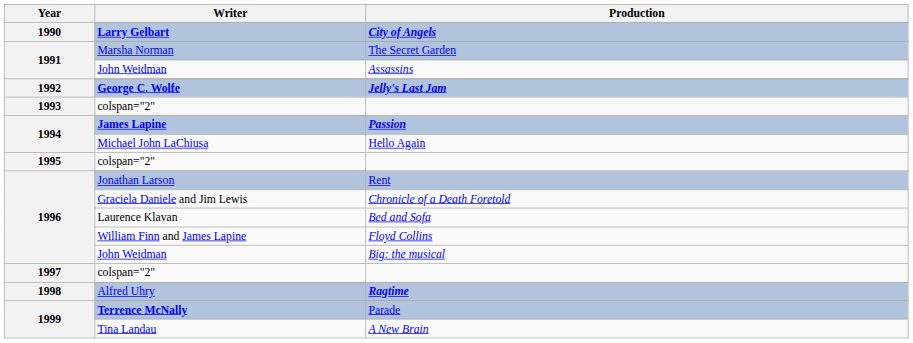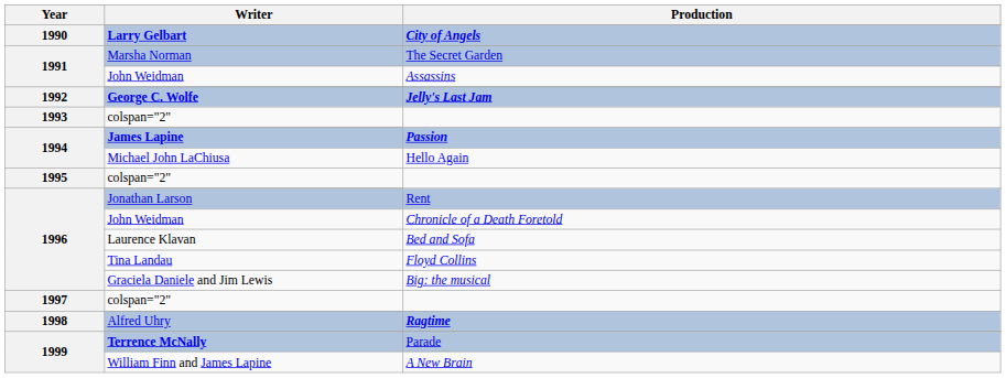 <table class="wikitable" style="width:98%;">
 <tr style="background:#bebebe;">
 <th style="width:10%;">Year</th>
 <th style="width:30%;">Writer</th>
 <th style="width:60%;">Production</th>
 </tr>
 <tr>
 <th rowspan="2" align="center">1990</th>
 </tr>
 <tr style="background:#B0C4DE">
 <td><strong><a href='#'>Larry Gelbart</a></strong></td>
 <td><strong><em><a href='#'>City of Angels</a><em> <strong></td>
 </tr>
 <tr>
 <th rowspan="3" align="center">1991</th>
 </tr>
 <tr style="background:#B0C4DE">
 <td></strong><a href='#'>Marsha Norman</a><strong></td>
 <td></em></strong><a href='#'>The Secret Garden</a></em> </strong></td>
 </tr>
 <tr>
 <td><a href='#'>John Weidman</a></td>
 <td><em><a href='#'>Assassins</a></em></td>
 </tr>
 <tr>
 <th rowspan="2" align="center">1992</th>
 </tr>
 <tr style="background:#B0C4DE">
 <td><strong><a href='#'>George C. Wolfe</a></strong></td>
 <td><strong><em><a href='#'>Jelly's Last Jam</a></em></strong></td>
 </tr>
 <tr>
 <th align="center">1993</th>
 <td>colspan="2" </td>
 </tr>
 <tr>
 <th rowspan="3" align="center">1994</th>
 </tr>
 <tr style="background:#B0C4DE">
 <td><strong><a href='#'>James Lapine</a></strong></td>
 <td><strong><em><a href='#'>Passion</a><em> <strong></td>
 </tr>
 <tr>
 <td><a href='#'>Michael John LaChiusa</a></td>
 <td></em><a href='#'>Hello Again</a><em></td>
 </tr>
 <tr>
 <th align="center">1995</th>
 <td>colspan="2" </td>
 </tr>
 <tr>
 <th rowspan="6" align="center">1996</th>
 </tr>
 <tr style="background:#B0C4DE">
 <td></strong><a href='#'>Jonathan Larson</a><strong></td>
 <td></em></strong><a href='#'>Rent</a></em> </strong></td>
 </tr>
 <tr>
-<td><a href='#'>Graciela Daniele</a> and Jim Lewis</td>
+<td><a href='#'>John Weidman</a></td>
 <td><em><a href='#'>Chronicle of a Death Foretold</a></em></td>
 </tr>
 <tr>
 <td>Laurence Klavan</td>
 <td><em><a href='#'>Bed and Sofa</a></em></td>
 </tr>
 <tr>
-<td><a href='#'>William Finn</a> and <a href='#'>James Lapine</a></td>
+<td><a href='#'>Tina Landau</a></td>
 <td><em><a href='#'>Floyd Collins</a></em></td>
 </tr>
 <tr>
-<td><a href='#'>John Weidman</a></td>
+<td><a href='#'>Graciela Daniele</a> and Jim Lewis</td>
 <td><em><a href='#'>Big: the musical</a></em></td>
 </tr>
 <tr>
 <th align="center">1997</th>
 <td>colspan="2" </td>
 </tr>
 <tr>
 <th rowspan="2" align="center">1998</th>
 </tr>
 <tr style="background:#B0C4DE">
 <td></strong><a href='#'>Alfred Uhry</a><strong></td>
 <td><strong><em><a href='#'>Ragtime</a><em> <strong></td>
 </tr>
 <tr>
 <th rowspan="3" align="center">1999</th>
 </tr>
 <tr style="background:#B0C4DE">
 <td><strong><a href='#'>Terrence McNally</a></strong></td>
 <td></em></strong><a href='#'>Parade</a></em> </strong></td>
 </tr>
 <tr>
-<td><a href='#'>Tina Landau</a></td>
+<td><a href='#'>William Finn</a> and <a href='#'>James Lapine</a></td>
 <td><em><a href='#'>A New Brain</a></em></td>
 </tr>
 </table>
